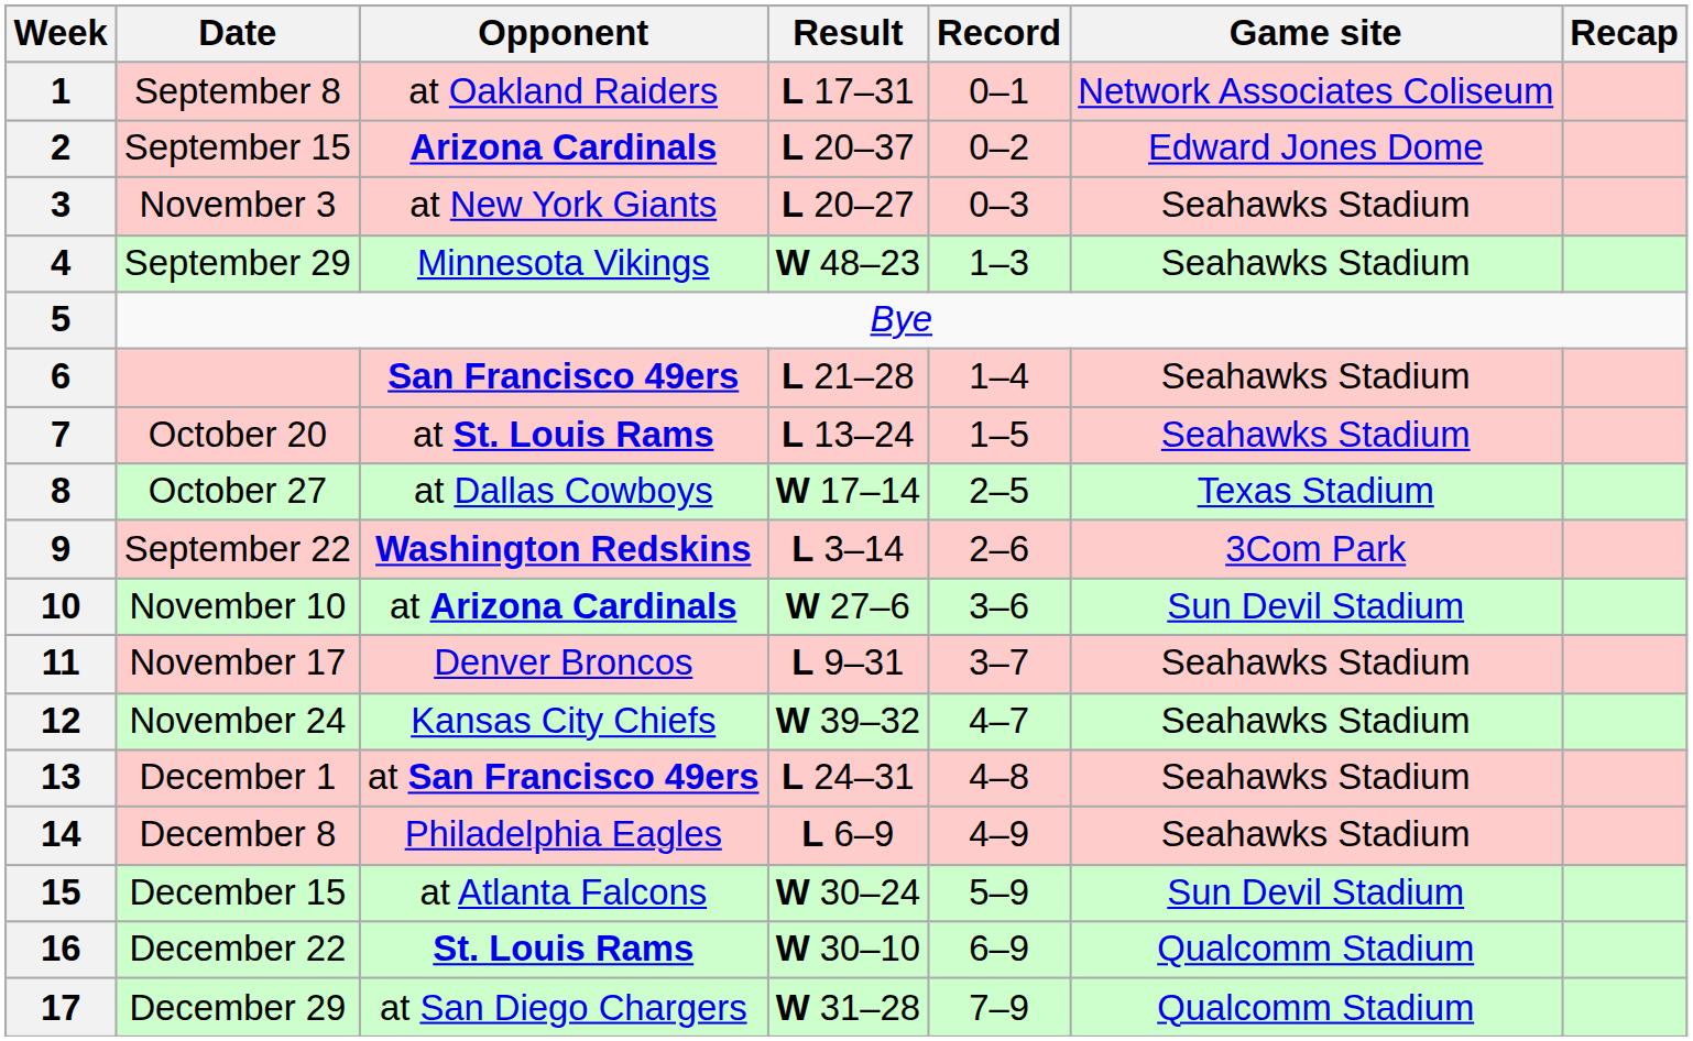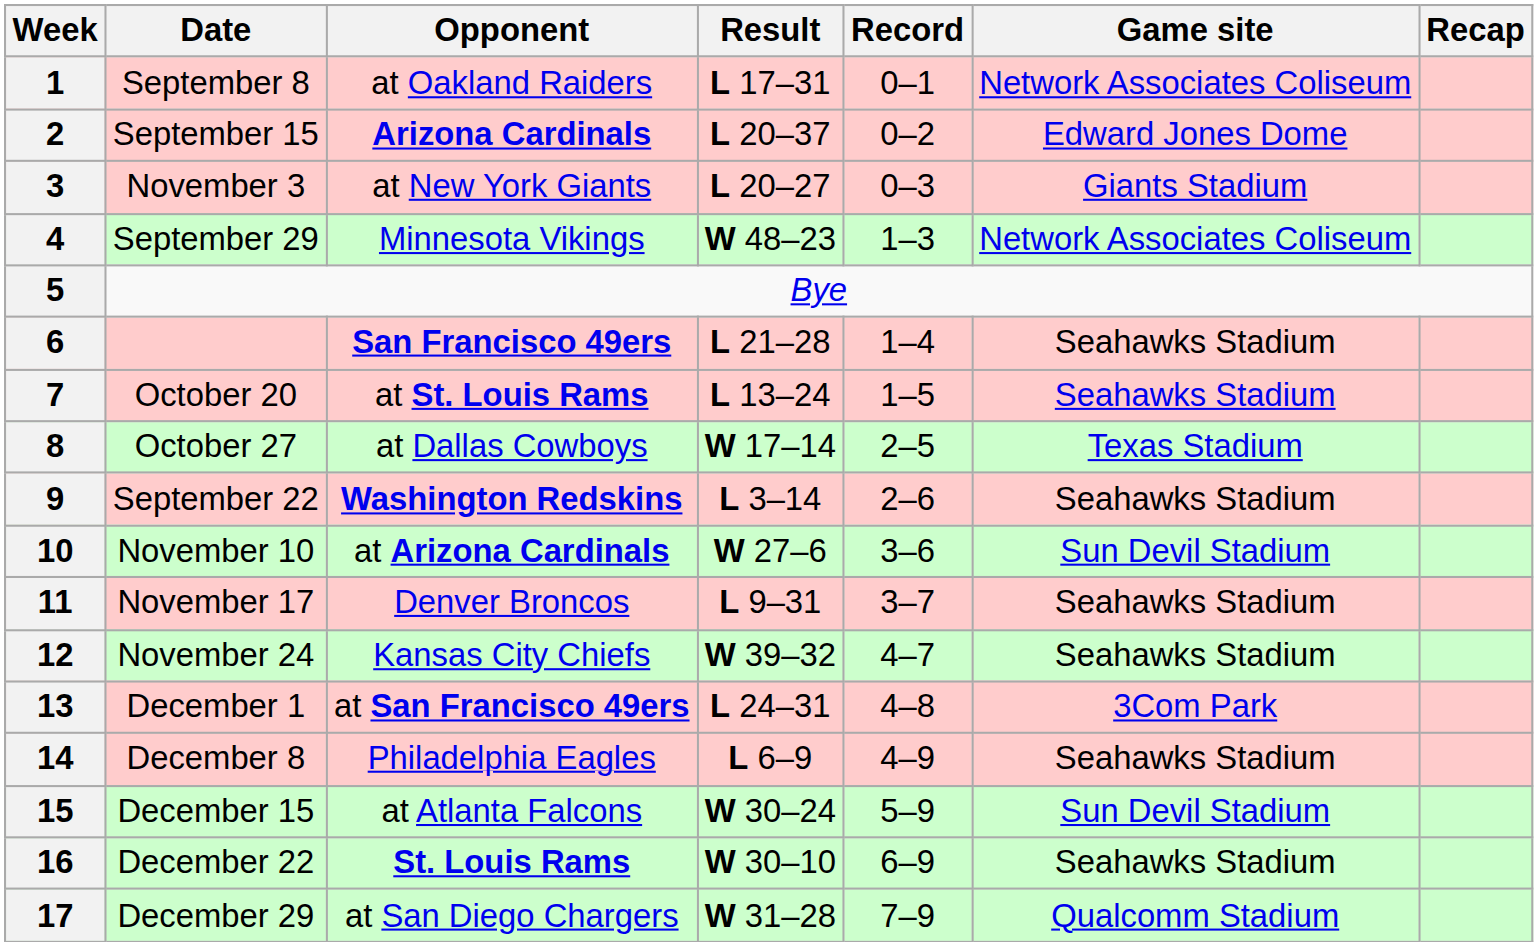 <table class="wikitable" style="text-align:center">
 <tr>
 <th>Week</th>
 <th>Date</th>
 <th>Opponent</th>
 <th>Result</th>
 <th>Record</th>
 <th>Game site</th>
 <th>Recap</th>
 </tr>
 <tr style="background:#fcc">
 <th>1</th>
 <td>September 8</td>
 <td>at <a href='#'>Oakland Raiders</a></td>
 <td><strong>L</strong> 17–31</td>
 <td>0–1</td>
 <td><a href='#'>Network Associates Coliseum</a></td>
 <td></td>
 </tr>
 <tr style="background:#fcc">
 <th>2</th>
 <td>September 15</td>
 <td><strong><a href='#'>Arizona Cardinals</a></strong></td>
 <td><strong>L</strong> 20–37</td>
 <td>0–2</td>
 <td><a href='#'>Edward Jones Dome</a></td>
 <td></td>
 </tr>
 <tr style="background:#fcc">
 <th>3</th>
 <td>November 3</td>
 <td>at <a href='#'>New York Giants</a></td>
 <td><strong>L</strong> 20–27</td>
 <td>0–3</td>
-<td>Seahawks Stadium</td>
+<td><a href='#'>Giants Stadium</a></td>
 <td></td>
 </tr>
 <tr style="background:#cfc">
 <th>4</th>
 <td>September 29</td>
 <td><a href='#'>Minnesota Vikings</a></td>
 <td><strong>W</strong> 48–23</td>
 <td>1–3</td>
-<td>Seahawks Stadium</td>
+<td><a href='#'>Network Associates Coliseum</a></td>
 <td></td>
 </tr>
 <tr>
 <th>5</th>
 <td colspan="6"><em><a href='#'>Bye</a></em></td>
 </tr>
 <tr style="background:#fcc">
 <th>6</th>
 <td></td>
 <td><strong><a href='#'>San Francisco 49ers</a></strong></td>
 <td><strong>L</strong> 21–28</td>
 <td>1–4</td>
 <td>Seahawks Stadium</td>
 <td></td>
 </tr>
 <tr style="background:#fcc">
 <th>7</th>
 <td>October 20</td>
 <td>at <strong><a href='#'>St. Louis Rams</a></strong></td>
 <td><strong>L</strong> 13–24</td>
 <td>1–5</td>
 <td><a href='#'>Seahawks Stadium</a></td>
 <td></td>
 </tr>
 <tr style="background:#cfc">
 <th>8</th>
 <td>October 27</td>
 <td>at <a href='#'>Dallas Cowboys</a></td>
 <td><strong>W</strong> 17–14</td>
 <td>2–5</td>
 <td><a href='#'>Texas Stadium</a></td>
 <td></td>
 </tr>
 <tr style="background:#fcc">
 <th>9</th>
 <td>September 22</td>
 <td><strong><a href='#'>Washington Redskins</a></strong></td>
 <td><strong>L</strong> 3–14</td>
 <td>2–6</td>
-<td><a href='#'>3Com Park</a></td>
+<td>Seahawks Stadium</td>
 <td></td>
 </tr>
 <tr style="background:#cfc">
 <th>10</th>
 <td>November 10</td>
 <td>at <strong><a href='#'>Arizona Cardinals</a></strong></td>
 <td><strong>W</strong> 27–6</td>
 <td>3–6</td>
 <td><a href='#'>Sun Devil Stadium</a></td>
 <td></td>
 </tr>
 <tr style="background:#fcc">
 <th>11</th>
 <td>November 17</td>
 <td><a href='#'>Denver Broncos</a></td>
 <td><strong>L</strong> 9–31</td>
 <td>3–7</td>
 <td>Seahawks Stadium</td>
 <td></td>
 </tr>
 <tr style="background:#cfc">
 <th>12</th>
 <td>November 24</td>
 <td><a href='#'>Kansas City Chiefs</a></td>
 <td><strong>W</strong> 39–32</td>
 <td>4–7</td>
 <td>Seahawks Stadium</td>
 <td></td>
 </tr>
 <tr style="background:#fcc">
 <th>13</th>
 <td>December 1</td>
 <td>at <strong><a href='#'>San Francisco 49ers</a></strong></td>
 <td><strong>L</strong> 24–31</td>
 <td>4–8</td>
-<td>Seahawks Stadium</td>
+<td><a href='#'>3Com Park</a></td>
 <td></td>
 </tr>
 <tr style="background:#fcc">
 <th>14</th>
 <td>December 8</td>
 <td><a href='#'>Philadelphia Eagles</a></td>
 <td><strong>L</strong> 6–9</td>
 <td>4–9</td>
 <td>Seahawks Stadium</td>
 <td></td>
 </tr>
 <tr style="background:#cfc">
 <th>15</th>
 <td>December 15</td>
 <td>at <a href='#'>Atlanta Falcons</a></td>
 <td><strong>W</strong> 30–24 </td>
 <td>5–9</td>
 <td><a href='#'>Sun Devil Stadium</a></td>
 <td></td>
 </tr>
 <tr style="background:#cfc">
 <th>16</th>
 <td>December 22</td>
 <td><strong><a href='#'>St. Louis Rams</a></strong></td>
 <td><strong>W</strong> 30–10</td>
 <td>6–9</td>
-<td><a href='#'>Qualcomm Stadium</a></td>
+<td>Seahawks Stadium</td>
 <td></td>
 </tr>
 <tr style="background:#cfc">
 <th>17</th>
 <td>December 29</td>
 <td>at <a href='#'>San Diego Chargers</a></td>
 <td><strong>W</strong> 31–28 </td>
 <td>7–9</td>
 <td><a href='#'>Qualcomm Stadium</a></td>
 <td></td>
 </tr>
 </table>
